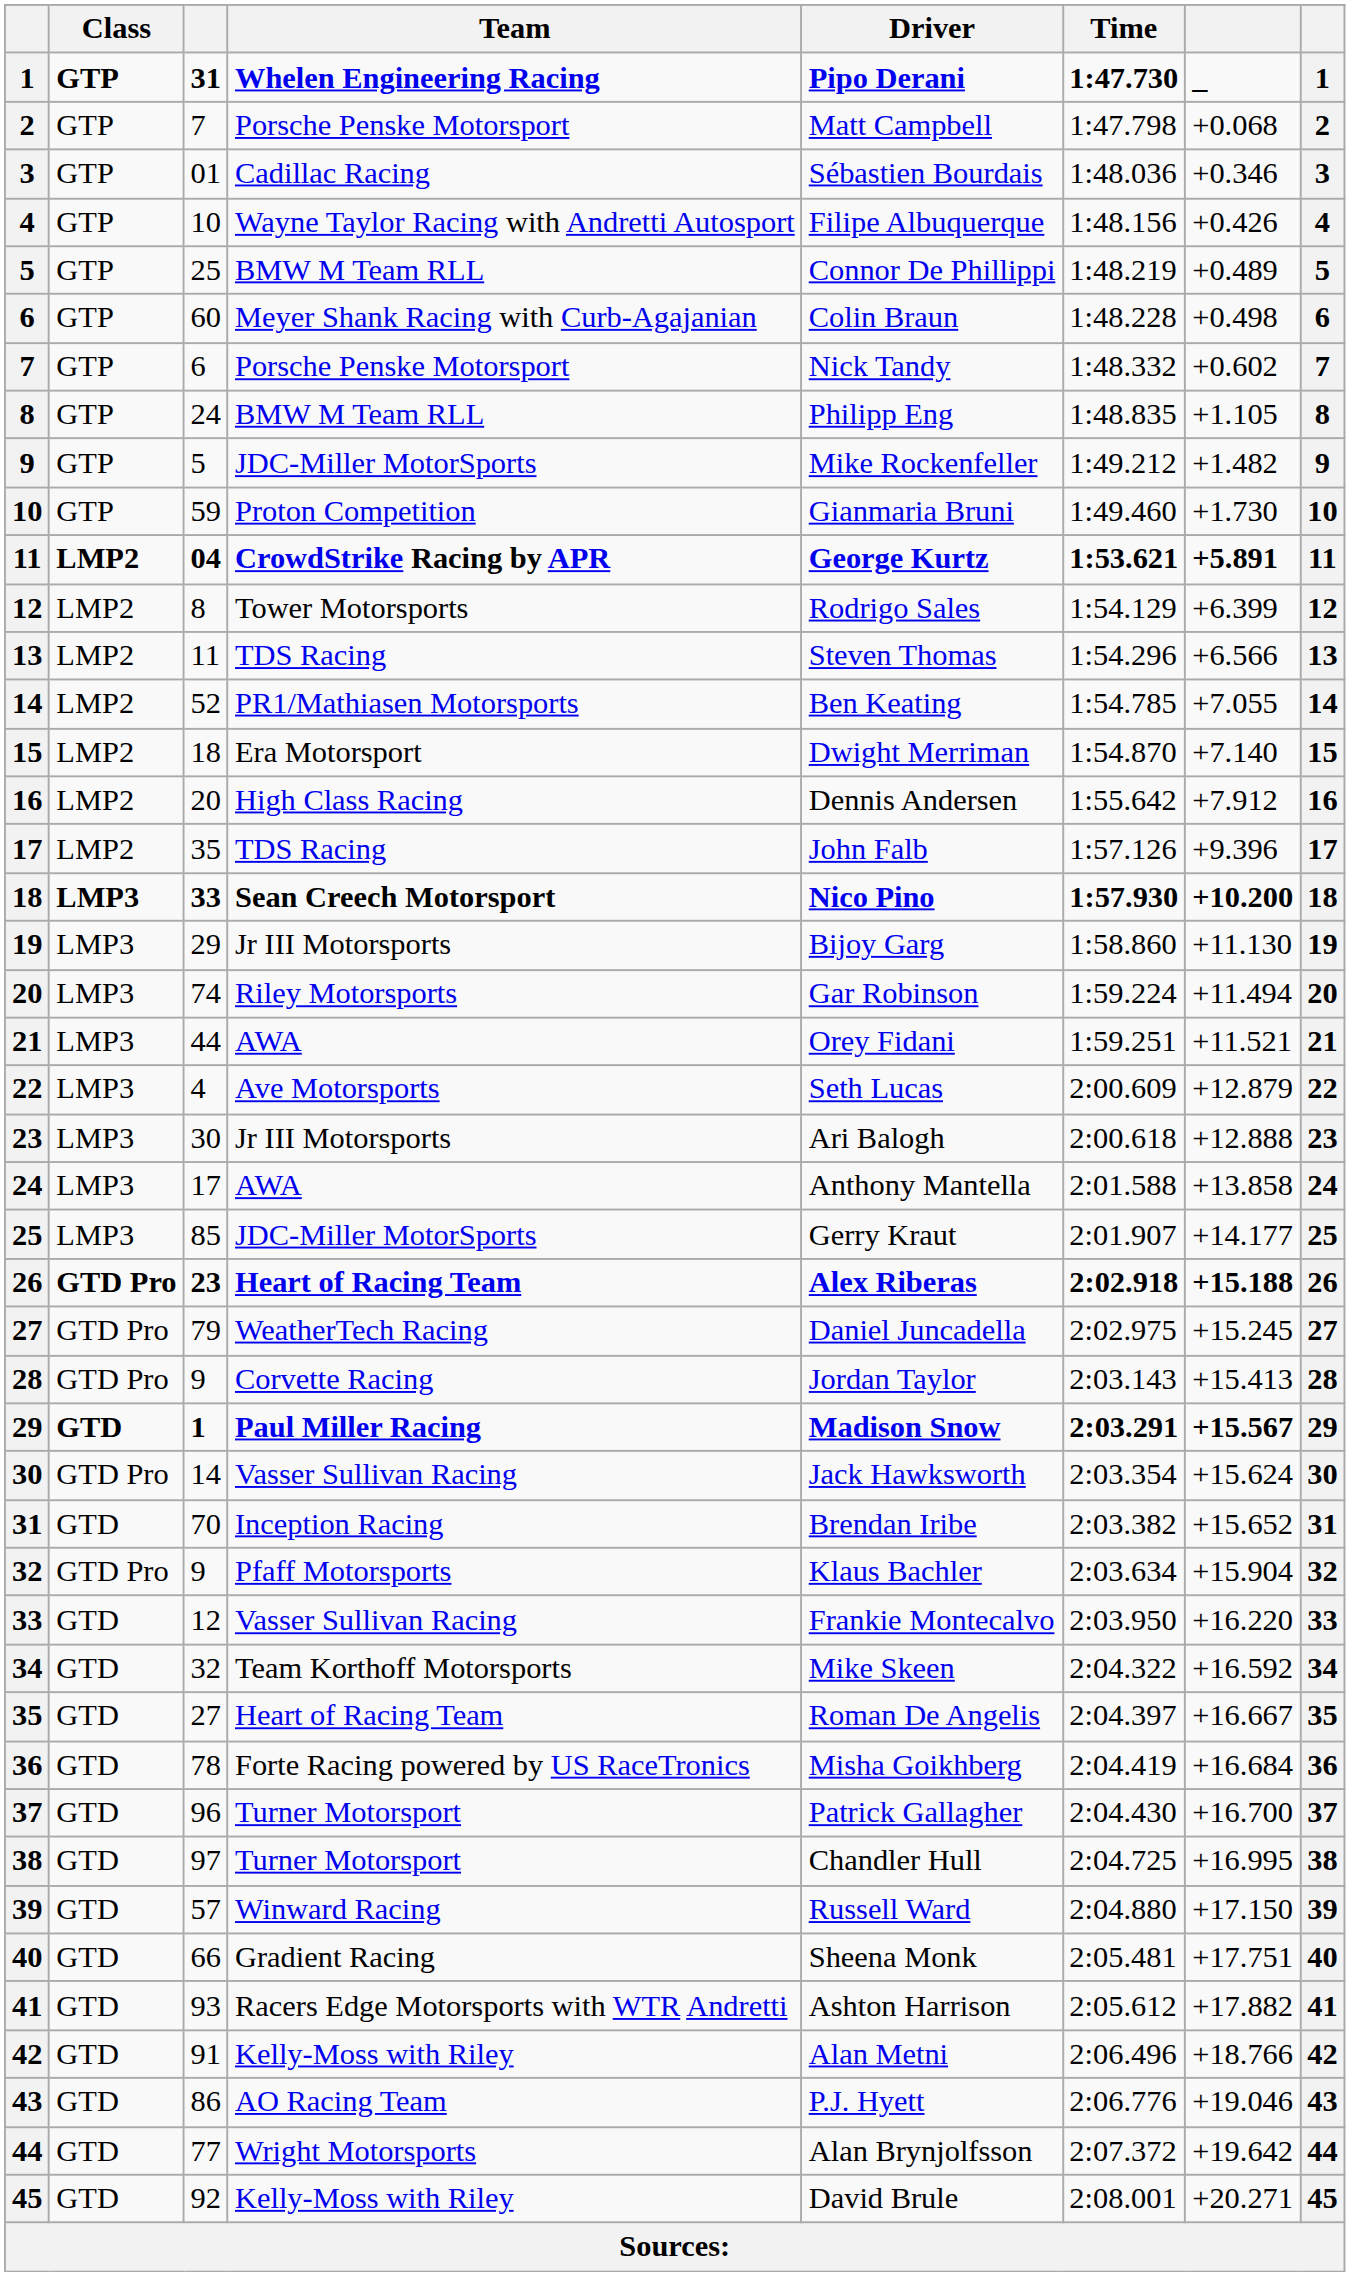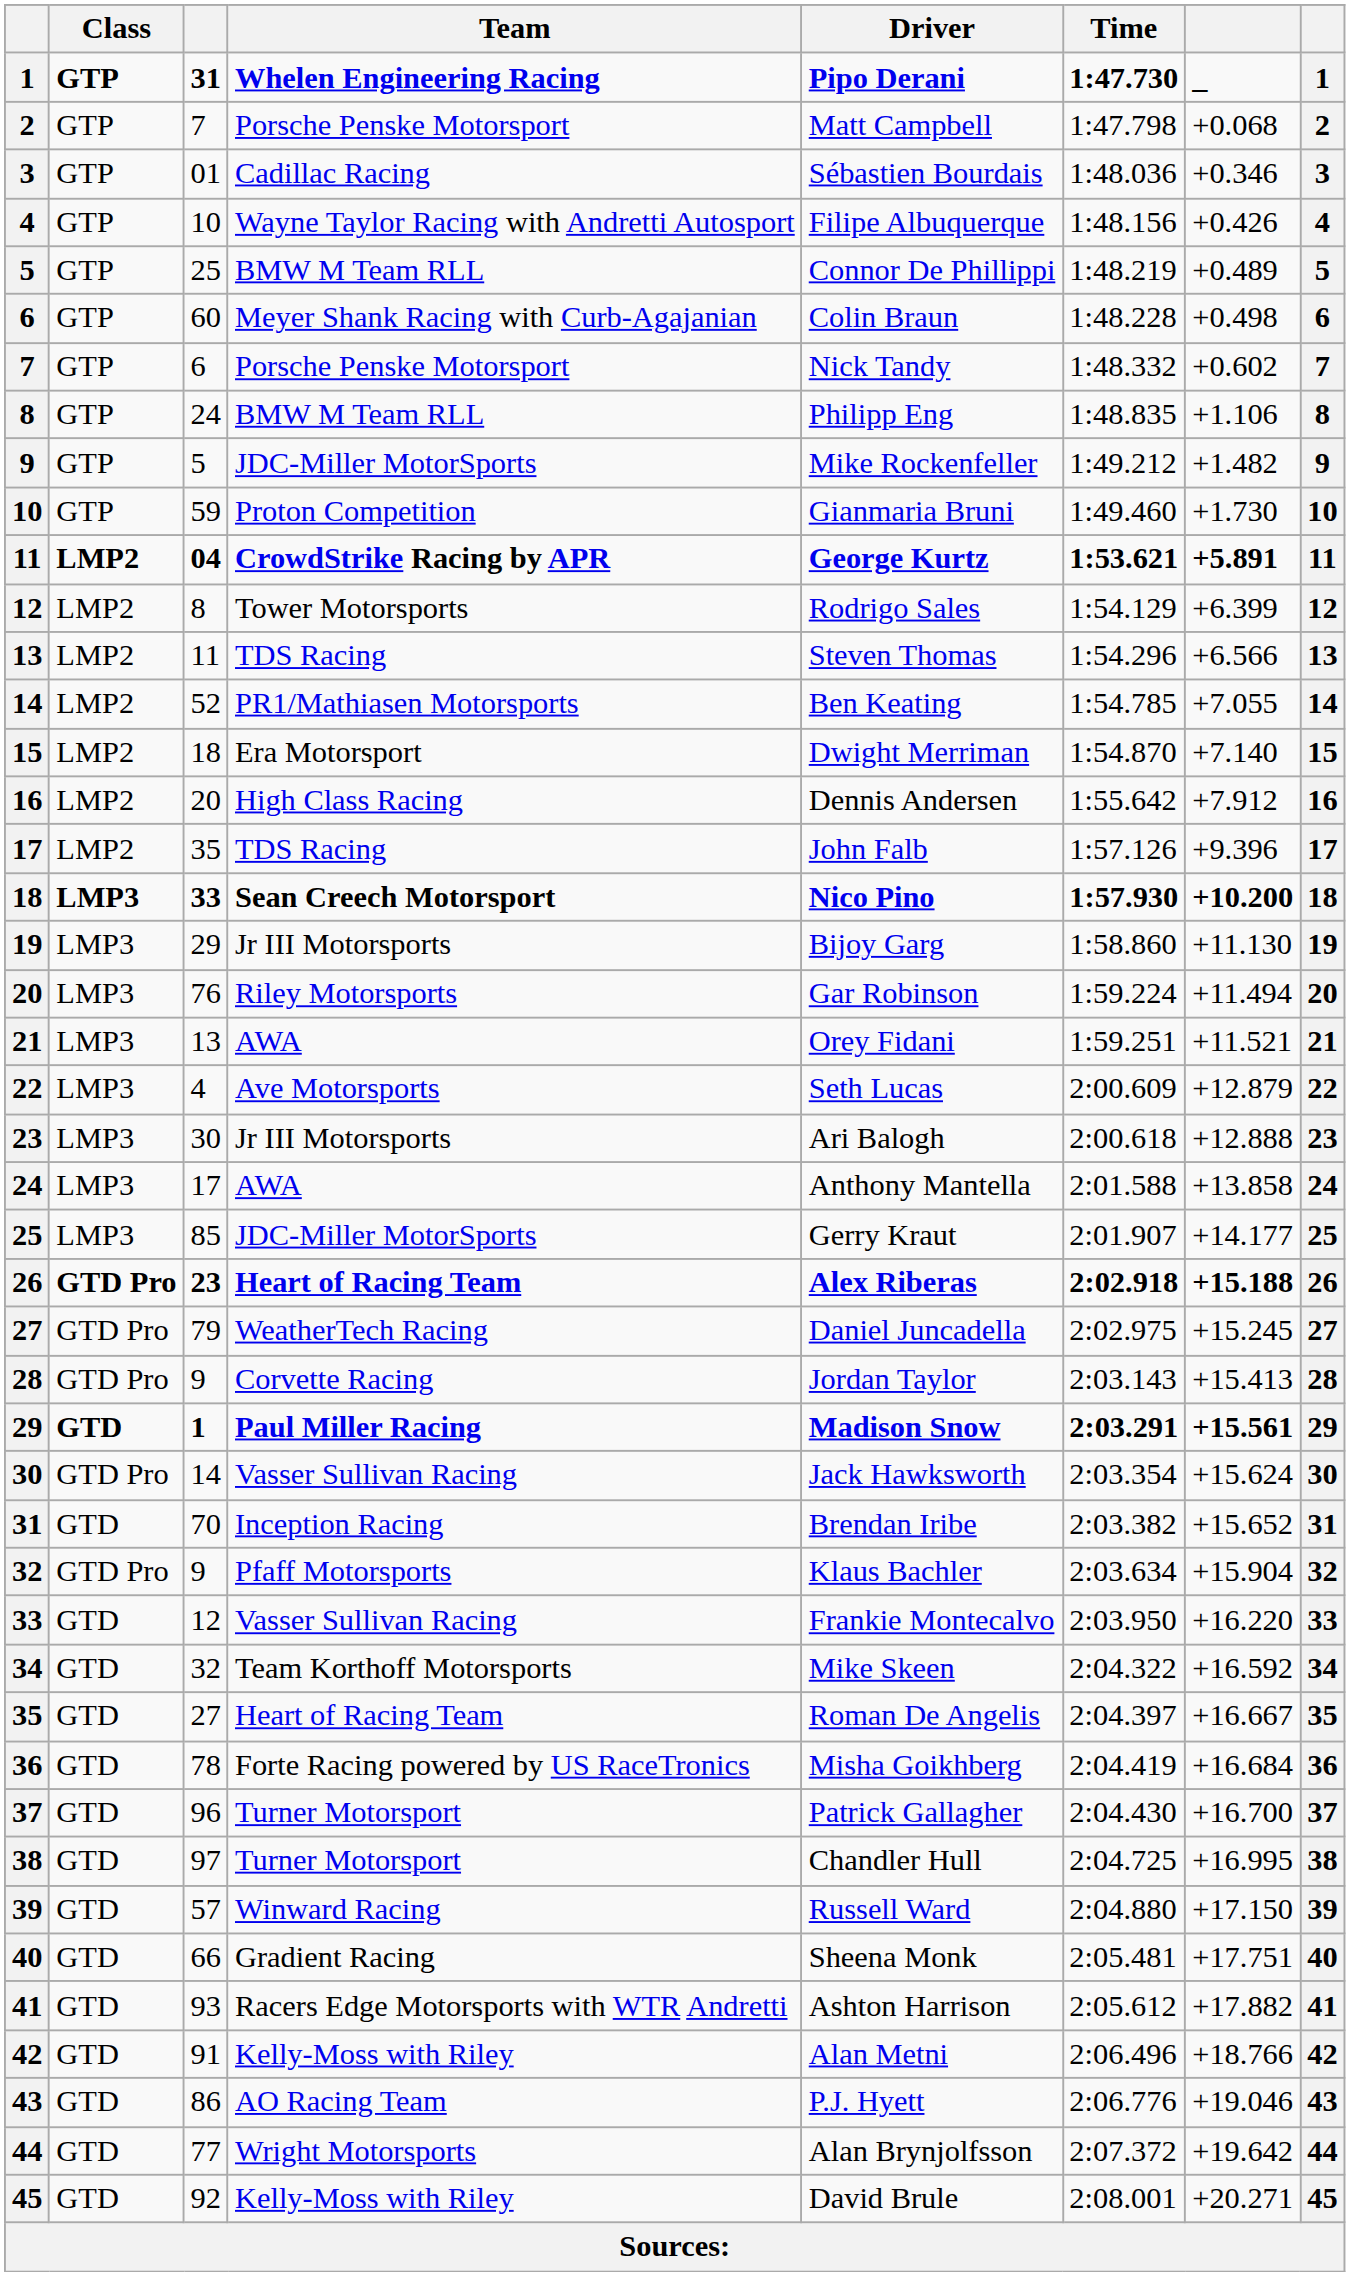 <table class="wikitable">
 <tr>
 <th scope="col"></th>
 <th scope="col">Class</th>
 <th scope="col"></th>
 <th scope="col">Team</th>
 <th scope="col">Driver</th>
 <th scope="col">Time</th>
 <th scope="col"></th>
 <th scope="col"></th>
 </tr>
 <tr style="font-weight:bold">
 <th>1</th>
 <td>GTP</td>
 <td>31</td>
 <td> <a href='#'>Whelen Engineering Racing</a></td>
 <td> <a href='#'>Pipo Derani</a></td>
 <td>1:47.730</td>
 <td><strong>_</strong></td>
 <th>1</th>
 </tr>
 <tr>
 <th>2</th>
 <td>GTP</td>
 <td>7</td>
 <td> <a href='#'>Porsche Penske Motorsport</a></td>
 <td> <a href='#'>Matt Campbell</a></td>
 <td>1:47.798</td>
 <td>+0.068</td>
 <th>2</th>
 </tr>
 <tr>
 <th>3</th>
 <td>GTP</td>
 <td>01</td>
 <td> <a href='#'>Cadillac Racing</a></td>
 <td> <a href='#'>Sébastien Bourdais</a></td>
 <td>1:48.036</td>
 <td>+0.346</td>
 <th>3</th>
 </tr>
 <tr>
 <th>4</th>
 <td>GTP</td>
 <td>10</td>
 <td> <a href='#'>Wayne Taylor Racing</a> with <a href='#'>Andretti Autosport</a></td>
 <td> <a href='#'>Filipe Albuquerque</a></td>
 <td>1:48.156</td>
 <td>+0.426</td>
 <th>4</th>
 </tr>
 <tr>
 <th>5</th>
 <td>GTP</td>
 <td>25</td>
 <td> <a href='#'>BMW M Team RLL</a></td>
 <td> <a href='#'>Connor De Phillippi</a></td>
 <td>1:48.219</td>
 <td>+0.489</td>
 <th>5</th>
 </tr>
 <tr>
 <th>6</th>
 <td>GTP</td>
 <td>60</td>
 <td> <a href='#'>Meyer Shank Racing</a> with <a href='#'>Curb-Agajanian</a></td>
 <td> <a href='#'>Colin Braun</a></td>
 <td>1:48.228</td>
 <td>+0.498</td>
 <th>6</th>
 </tr>
 <tr>
 <th>7</th>
 <td>GTP</td>
 <td>6</td>
 <td> <a href='#'>Porsche Penske Motorsport</a></td>
 <td> <a href='#'>Nick Tandy</a></td>
 <td>1:48.332</td>
 <td>+0.602</td>
 <th>7</th>
 </tr>
 <tr>
 <th>8</th>
 <td>GTP</td>
 <td>24</td>
 <td> <a href='#'>BMW M Team RLL</a></td>
 <td> <a href='#'>Philipp Eng</a></td>
 <td>1:48.835</td>
-<td>+1.105</td>
+<td>+1.106</td>
 <th>8</th>
 </tr>
 <tr>
 <th>9</th>
 <td>GTP</td>
 <td>5</td>
 <td> <a href='#'>JDC-Miller MotorSports</a></td>
 <td> <a href='#'>Mike Rockenfeller</a></td>
 <td>1:49.212</td>
 <td>+1.482</td>
 <th>9</th>
 </tr>
 <tr>
 <th>10</th>
 <td>GTP</td>
 <td>59</td>
 <td> <a href='#'>Proton Competition</a></td>
 <td> <a href='#'>Gianmaria Bruni</a></td>
 <td>1:49.460</td>
 <td>+1.730</td>
 <th>10</th>
 </tr>
 <tr style="font-weight:bold">
 <th>11</th>
 <td>LMP2</td>
 <td>04</td>
 <td> <a href='#'>CrowdStrike</a> Racing by <a href='#'>APR</a></td>
 <td> <a href='#'>George Kurtz</a></td>
 <td>1:53.621</td>
 <td>+5.891</td>
 <th>11</th>
 </tr>
 <tr>
 <th>12</th>
 <td>LMP2</td>
 <td>8</td>
 <td> Tower Motorsports</td>
 <td> <a href='#'>Rodrigo Sales</a></td>
 <td>1:54.129</td>
 <td>+6.399</td>
 <th>12</th>
 </tr>
 <tr>
 <th>13</th>
 <td>LMP2</td>
 <td>11</td>
 <td> <a href='#'>TDS Racing</a></td>
 <td> <a href='#'>Steven Thomas</a></td>
 <td>1:54.296</td>
 <td>+6.566</td>
 <th>13</th>
 </tr>
 <tr>
 <th>14</th>
 <td>LMP2</td>
 <td>52</td>
 <td> <a href='#'>PR1/Mathiasen Motorsports</a></td>
 <td> <a href='#'>Ben Keating</a></td>
 <td>1:54.785</td>
 <td>+7.055</td>
 <th>14</th>
 </tr>
 <tr>
 <th>15</th>
 <td>LMP2</td>
 <td>18</td>
 <td> Era Motorsport</td>
 <td> <a href='#'>Dwight Merriman</a></td>
 <td>1:54.870</td>
 <td>+7.140</td>
 <th>15</th>
 </tr>
 <tr>
 <th>16</th>
 <td>LMP2</td>
 <td>20</td>
 <td> <a href='#'>High Class Racing</a></td>
 <td> Dennis Andersen</td>
 <td>1:55.642</td>
 <td>+7.912</td>
 <th>16</th>
 </tr>
 <tr>
 <th>17</th>
 <td>LMP2</td>
 <td>35</td>
 <td> <a href='#'>TDS Racing</a></td>
 <td> <a href='#'>John Falb</a></td>
 <td>1:57.126</td>
 <td>+9.396</td>
 <th>17</th>
 </tr>
 <tr style="font-weight:bold">
 <th>18</th>
 <td>LMP3</td>
 <td>33</td>
 <td> Sean Creech Motorsport</td>
 <td> <a href='#'>Nico Pino</a></td>
 <td>1:57.930</td>
 <td>+10.200</td>
 <th>18</th>
 </tr>
 <tr>
 <th>19</th>
 <td>LMP3</td>
 <td>29</td>
 <td> Jr III Motorsports</td>
 <td> <a href='#'>Bijoy Garg</a></td>
 <td>1:58.860</td>
 <td>+11.130</td>
 <th>19</th>
 </tr>
 <tr>
 <th>20</th>
 <td>LMP3</td>
-<td>74</td>
+<td>76</td>
 <td> <a href='#'>Riley Motorsports</a></td>
 <td> <a href='#'>Gar Robinson</a></td>
 <td>1:59.224</td>
 <td>+11.494</td>
 <th>20</th>
 </tr>
 <tr>
 <th>21</th>
 <td>LMP3</td>
-<td>44</td>
+<td>13</td>
 <td> <a href='#'>AWA</a></td>
 <td> <a href='#'>Orey Fidani</a></td>
 <td>1:59.251</td>
 <td>+11.521</td>
 <th>21</th>
 </tr>
 <tr>
 <th>22</th>
 <td>LMP3</td>
 <td>4</td>
 <td> <a href='#'>Ave Motorsports</a></td>
 <td> <a href='#'>Seth Lucas</a></td>
 <td>2:00.609</td>
 <td>+12.879</td>
 <th>22</th>
 </tr>
 <tr>
 <th>23</th>
 <td>LMP3</td>
 <td>30</td>
 <td> Jr III Motorsports</td>
 <td> Ari Balogh</td>
 <td>2:00.618</td>
 <td>+12.888</td>
 <th>23</th>
 </tr>
 <tr>
 <th>24</th>
 <td>LMP3</td>
 <td>17</td>
 <td> <a href='#'>AWA</a></td>
 <td> Anthony Mantella</td>
 <td>2:01.588</td>
 <td>+13.858</td>
 <th>24</th>
 </tr>
 <tr>
 <th>25</th>
 <td>LMP3</td>
 <td>85</td>
 <td> <a href='#'>JDC-Miller MotorSports</a></td>
 <td> Gerry Kraut</td>
 <td>2:01.907</td>
 <td>+14.177</td>
 <th>25</th>
 </tr>
 <tr style="font-weight:bold">
 <th>26</th>
 <td>GTD Pro</td>
 <td>23</td>
 <td> <a href='#'>Heart of Racing Team</a></td>
 <td> <a href='#'>Alex Riberas</a></td>
 <td>2:02.918</td>
 <td>+15.188</td>
 <th>26</th>
 </tr>
 <tr>
 <th>27</th>
 <td>GTD Pro</td>
 <td>79</td>
 <td> <a href='#'>WeatherTech Racing</a></td>
 <td> <a href='#'>Daniel Juncadella</a></td>
 <td>2:02.975</td>
 <td>+15.245</td>
 <th>27</th>
 </tr>
 <tr>
 <th>28</th>
 <td>GTD Pro</td>
 <td>9</td>
 <td> <a href='#'>Corvette Racing</a></td>
 <td> <a href='#'>Jordan Taylor</a></td>
 <td>2:03.143</td>
 <td>+15.413</td>
 <th>28</th>
 </tr>
 <tr style="font-weight:bold">
 <th>29</th>
 <td>GTD</td>
 <td>1</td>
 <td> <a href='#'>Paul Miller Racing</a></td>
 <td> <a href='#'>Madison Snow</a></td>
 <td>2:03.291</td>
-<td>+15.567</td>
+<td>+15.561</td>
 <th>29</th>
 </tr>
 <tr>
 <th>30</th>
 <td>GTD Pro</td>
 <td>14</td>
 <td> <a href='#'>Vasser Sullivan Racing</a></td>
 <td> <a href='#'>Jack Hawksworth</a></td>
 <td>2:03.354</td>
 <td>+15.624</td>
 <th>30</th>
 </tr>
 <tr>
 <th>31</th>
 <td>GTD</td>
 <td>70</td>
 <td> <a href='#'>Inception Racing</a></td>
 <td> <a href='#'>Brendan Iribe</a></td>
 <td>2:03.382</td>
 <td>+15.652</td>
 <th>31</th>
 </tr>
 <tr>
 <th>32</th>
 <td>GTD Pro</td>
 <td>9</td>
 <td> <a href='#'>Pfaff Motorsports</a></td>
 <td> <a href='#'>Klaus Bachler</a></td>
 <td>2:03.634</td>
 <td>+15.904</td>
 <th>32</th>
 </tr>
 <tr>
 <th>33</th>
 <td>GTD</td>
 <td>12</td>
 <td> <a href='#'>Vasser Sullivan Racing</a></td>
 <td> <a href='#'>Frankie Montecalvo</a></td>
 <td>2:03.950</td>
 <td>+16.220</td>
 <th>33</th>
 </tr>
 <tr>
 <th>34</th>
 <td>GTD</td>
 <td>32</td>
 <td> Team Korthoff Motorsports</td>
 <td> <a href='#'>Mike Skeen</a></td>
 <td>2:04.322</td>
 <td>+16.592</td>
 <th>34</th>
 </tr>
 <tr>
 <th>35</th>
 <td>GTD</td>
 <td>27</td>
 <td> <a href='#'>Heart of Racing Team</a></td>
 <td> <a href='#'>Roman De Angelis</a></td>
 <td>2:04.397</td>
 <td>+16.667</td>
 <th>35</th>
 </tr>
 <tr>
 <th>36</th>
 <td>GTD</td>
 <td>78</td>
 <td> Forte Racing powered by <a href='#'>US RaceTronics</a></td>
 <td> <a href='#'>Misha Goikhberg</a></td>
 <td>2:04.419</td>
 <td>+16.684</td>
 <th>36</th>
 </tr>
 <tr>
 <th>37</th>
 <td>GTD</td>
 <td>96</td>
 <td> <a href='#'>Turner Motorsport</a></td>
 <td> <a href='#'>Patrick Gallagher</a></td>
 <td>2:04.430</td>
 <td>+16.700</td>
 <th>37</th>
 </tr>
 <tr>
 <th>38</th>
 <td>GTD</td>
 <td>97</td>
 <td> <a href='#'>Turner Motorsport</a></td>
 <td> Chandler Hull</td>
 <td>2:04.725</td>
 <td>+16.995</td>
 <th>38</th>
 </tr>
 <tr>
 <th>39</th>
 <td>GTD</td>
 <td>57</td>
 <td> <a href='#'>Winward Racing</a></td>
 <td> <a href='#'>Russell Ward</a></td>
 <td>2:04.880</td>
 <td>+17.150</td>
 <th>39</th>
 </tr>
 <tr>
 <th>40</th>
 <td>GTD</td>
 <td>66</td>
 <td> Gradient Racing</td>
 <td> Sheena Monk</td>
 <td>2:05.481</td>
 <td>+17.751</td>
 <th>40</th>
 </tr>
 <tr>
 <th>41</th>
 <td>GTD</td>
 <td>93</td>
 <td> Racers Edge Motorsports with <a href='#'>WTR</a> <a href='#'>Andretti</a></td>
 <td> Ashton Harrison</td>
 <td>2:05.612</td>
 <td>+17.882</td>
 <th>41</th>
 </tr>
 <tr>
 <th>42</th>
 <td>GTD</td>
 <td>91</td>
 <td> <a href='#'>Kelly-Moss with Riley</a></td>
 <td> <a href='#'>Alan Metni</a></td>
 <td>2:06.496</td>
 <td>+18.766</td>
 <th>42</th>
 </tr>
 <tr>
 <th>43</th>
 <td>GTD</td>
 <td>86</td>
 <td> <a href='#'>AO Racing Team</a></td>
 <td> <a href='#'>P.J. Hyett</a></td>
 <td>2:06.776</td>
 <td>+19.046</td>
 <th>43</th>
 </tr>
 <tr>
 <th>44</th>
 <td>GTD</td>
 <td>77</td>
 <td> <a href='#'>Wright Motorsports</a></td>
 <td> Alan Brynjolfsson</td>
 <td>2:07.372</td>
 <td>+19.642</td>
 <th>44</th>
 </tr>
 <tr>
 <th>45</th>
 <td>GTD</td>
 <td>92</td>
 <td> <a href='#'>Kelly-Moss with Riley</a></td>
 <td> David Brule</td>
 <td>2:08.001</td>
 <td>+20.271</td>
 <th>45</th>
 </tr>
 <tr>
 <th colspan="8">Sources:</th>
 </tr>
 </table>
